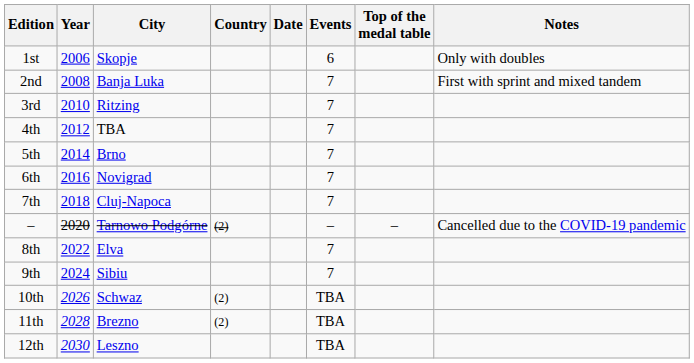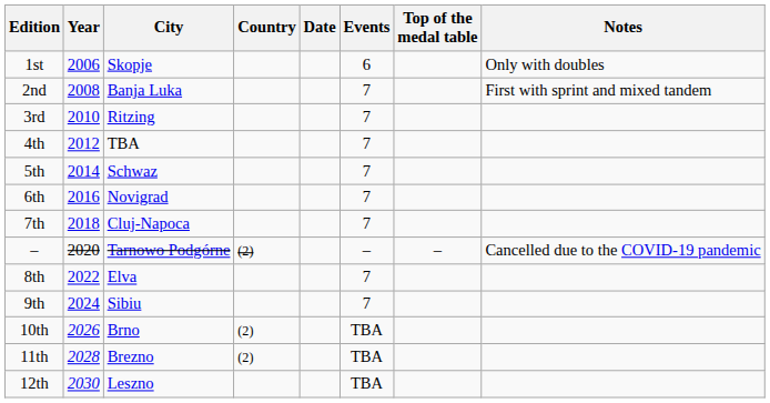 <table class="wikitable sortable" style="text-align:left; font-size:90%;">
 <tr>
 <th>Edition</th>
 <th>Year</th>
 <th>City</th>
 <th>Country</th>
 <th>Date</th>
 <th>Events</th>
 <th>Top of the<br>medal table</th>
 <th>Notes</th>
 </tr>
 <tr>
 <td align=center>1st</td>
 <td align=center><a href='#'>2006</a></td>
 <td><a href='#'>Skopje</a></td>
 <td></td>
 <td align=center></td>
 <td align=center>6</td>
 <td></td>
 <td>Only with doubles</td>
 </tr>
 <tr>
 <td align=center>2nd</td>
 <td align=center><a href='#'>2008</a></td>
 <td><a href='#'>Banja Luka</a></td>
 <td></td>
 <td align=center></td>
 <td align=center>7</td>
 <td></td>
 <td>First with sprint and mixed tandem</td>
 </tr>
 <tr>
 <td align=center>3rd</td>
 <td align=center><a href='#'>2010</a></td>
 <td><a href='#'>Ritzing</a></td>
 <td></td>
 <td align=center></td>
 <td align=center>7</td>
 <td></td>
 <td></td>
 </tr>
 <tr>
 <td align=center>4th</td>
 <td align=center><a href='#'>2012</a></td>
 <td>TBA</td>
 <td></td>
 <td align=center></td>
 <td align=center>7</td>
 <td></td>
 <td></td>
 </tr>
 <tr>
 <td align=center>5th</td>
 <td align=center><a href='#'>2014</a></td>
-<td><a href='#'>Brno</a></td>
+<td><a href='#'>Schwaz</a></td>
 <td></td>
 <td align=center></td>
 <td align=center>7</td>
 <td></td>
 <td></td>
 </tr>
 <tr>
 <td align=center>6th</td>
 <td align=center><a href='#'>2016</a></td>
 <td><a href='#'>Novigrad</a></td>
 <td></td>
 <td align=center></td>
 <td align=center>7</td>
 <td></td>
 <td></td>
 </tr>
 <tr>
 <td align=center>7th</td>
 <td align=center><a href='#'>2018</a></td>
 <td><a href='#'>Cluj-Napoca</a></td>
 <td></td>
 <td align=center></td>
 <td align=center>7</td>
 <td></td>
 <td></td>
 </tr>
 <tr>
 <td align=center>–</td>
 <td align=center><del>2020</del></td>
 <td><del><a href='#'>Tarnowo Podgórne</a></del></td>
 <td><del> <small>(2)</small></del></td>
 <td align=center><del></del></td>
 <td align=center>–</td>
 <td align=center>–</td>
 <td>Cancelled due to the <a href='#'>COVID-19 pandemic</a></td>
 </tr>
 <tr>
 <td align=center>8th</td>
 <td align=center><a href='#'>2022</a></td>
 <td><a href='#'>Elva</a></td>
 <td></td>
 <td align=center></td>
 <td align=center>7</td>
 <td></td>
 <td></td>
 </tr>
 <tr>
 <td align=center>9th</td>
 <td align=center><a href='#'>2024</a></td>
 <td><a href='#'>Sibiu</a></td>
 <td></td>
 <td align=center></td>
 <td align=center>7</td>
 <td></td>
 <td></td>
 </tr>
 <tr>
 <td align=center>10th</td>
 <td align=center><em><a href='#'>2026</a></em></td>
-<td><a href='#'>Schwaz</a></td>
+<td><a href='#'>Brno</a></td>
 <td> <small>(2)</small></td>
 <td align=center></td>
 <td align=center>TBA</td>
 <td></td>
 <td></td>
 </tr>
 <tr>
 <td align=center>11th</td>
 <td align=center><em><a href='#'>2028</a></em></td>
 <td><a href='#'>Brezno</a></td>
 <td> <small>(2)</small></td>
 <td align=center></td>
 <td align=center>TBA</td>
 <td></td>
 <td></td>
 </tr>
 <tr>
 <td align=center>12th</td>
 <td align=center><em><a href='#'>2030</a></em></td>
 <td><a href='#'>Leszno</a></td>
 <td></td>
 <td align=center></td>
 <td align=center>TBA</td>
 <td></td>
 <td></td>
 </tr>
 </table>
